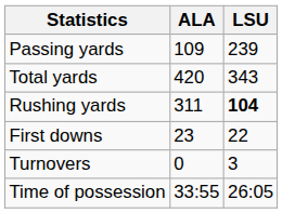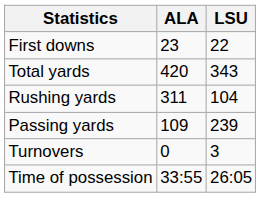 <table class="wikitable" style="float: left;">
 <tr>
 <th>Statistics</th>
 <th>ALA</th>
 <th>LSU</th>
 </tr>
 <tr>
-<td>Passing yards</td>
-<td>109</td>
-<td>239</td>
+<td>First downs</td>
+<td>23</td>
+<td>22</td>
 </tr>
 <tr>
 <td>Total yards</td>
 <td>420</td>
 <td>343</td>
 </tr>
 <tr>
 <td>Rushing yards</td>
 <td>311</td>
-<td><strong>104</strong></td>
+<td>104</td>
 </tr>
 <tr>
-<td>First downs</td>
-<td>23</td>
-<td>22</td>
+<td>Passing yards</td>
+<td>109</td>
+<td>239</td>
 </tr>
 <tr>
 <td>Turnovers</td>
 <td>0</td>
 <td>3</td>
 </tr>
 <tr>
 <td>Time of possession</td>
 <td>33:55</td>
 <td>26:05</td>
 </tr>
 </table>
